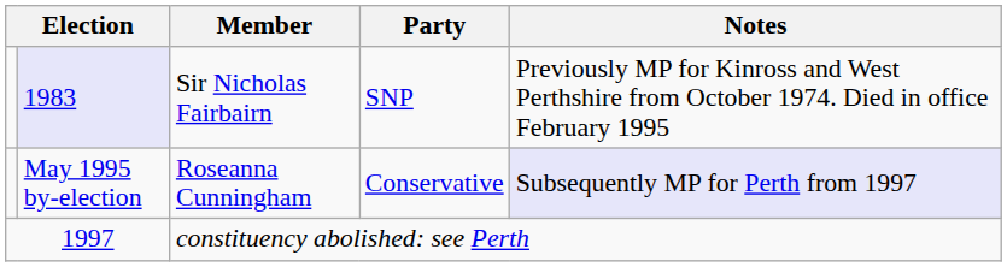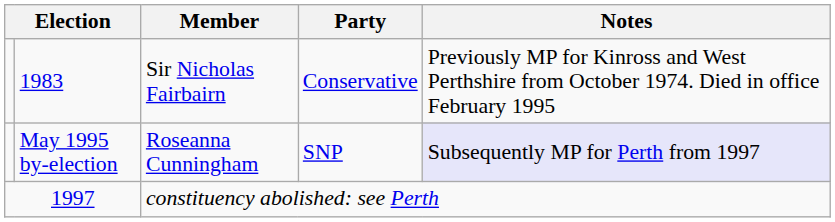 <table class="wikitable">
 <tr>
 <th colspan="2">Election</th>
 <th>Member</th>
 <th>Party</th>
 <th>Notes</th>
 </tr>
 <tr>
 <td style="color:inherit;background-color: "></td>
-<td style="background: lavender;"><a href='#'>1983</a></td>
+<td><a href='#'>1983</a></td>
 <td>Sir <a href='#'>Nicholas Fairbairn</a></td>
-<td><a href='#'>SNP</a></td>
+<td><a href='#'>Conservative</a></td>
 <td>Previously MP for Kinross and West Perthshire from October 1974.  Died in office February 1995</td>
 </tr>
 <tr>
 <td style="color:inherit;background-color: "></td>
 <td><a href='#'>May 1995 by-election</a></td>
 <td><a href='#'>Roseanna Cunningham</a></td>
-<td><a href='#'>Conservative</a></td>
+<td><a href='#'>SNP</a></td>
 <td style="background: lavender;">Subsequently MP for <a href='#'>Perth</a> from 1997</td>
 </tr>
 <tr>
 <td colspan="2" align="center"><a href='#'>1997</a></td>
 <td colspan="3"><em>constituency abolished: see <a href='#'>Perth</a></em></td>
 </tr>
 </table>
